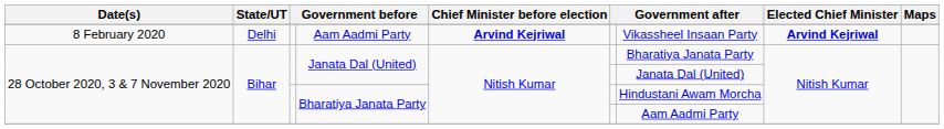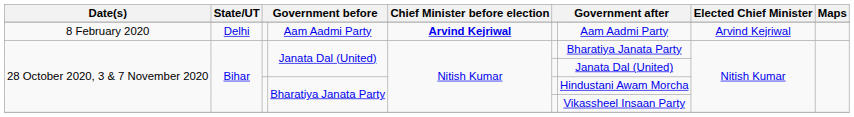 <table class="wikitable sortable">
 <tr>
 <th>Date(s)</th>
 <th>State/UT</th>
 <th colspan="2">Government before</th>
 <th>Chief Minister before election</th>
 <th colspan="2">Government after</th>
 <th>Elected Chief Minister</th>
 <th>Maps</th>
 </tr>
 <tr style="text-align:center;">
 </tr>
 <tr style="text-align:center;">
 <td>8 February 2020</td>
 <td><a href='#'>Delhi</a></td>
 <td></td>
 <td><a href='#'>Aam Aadmi Party</a></td>
 <td><strong><a href='#'>Arvind Kejriwal</a></strong></td>
 <td></td>
-<td><a href='#'>Vikassheel Insaan Party</a></td>
-<td><strong><a href='#'>Arvind Kejriwal</a></strong></td>
+<td><a href='#'>Aam Aadmi Party</a></td>
+<td><a href='#'>Arvind Kejriwal</a></td>
 <td></td>
 </tr>
 <tr style="text-align:center;">
 <td rowspan=4>28 October 2020, 3 & 7 November 2020</td>
 <td rowspan=4><a href='#'>Bihar</a></td>
 <td rowspan="2"></td>
 <td rowspan=2><a href='#'>Janata Dal (United)</a></td>
 <td rowspan=4><a href='#'>Nitish Kumar</a></td>
 <td></td>
 <td><a href='#'>Bharatiya Janata Party</a></td>
 <td rowspan=4><a href='#'>Nitish Kumar</a></td>
 <td rowspan=4></td>
 </tr>
 <tr style="text-align:center;">
 <td></td>
 <td><a href='#'>Janata Dal (United)</a></td>
 </tr>
 <tr style="text-align:center;">
 <td rowspan=2></td>
 <td rowspan=2><a href='#'>Bharatiya Janata Party</a></td>
 <td></td>
 <td><a href='#'>Hindustani Awam Morcha</a></td>
 </tr>
 <tr style="text-align:center;">
 <td></td>
-<td><a href='#'>Aam Aadmi Party</a></td>
+<td><a href='#'>Vikassheel Insaan Party</a></td>
 </tr>
 <tr style="text-align:center;">
 </tr>
 </table>
